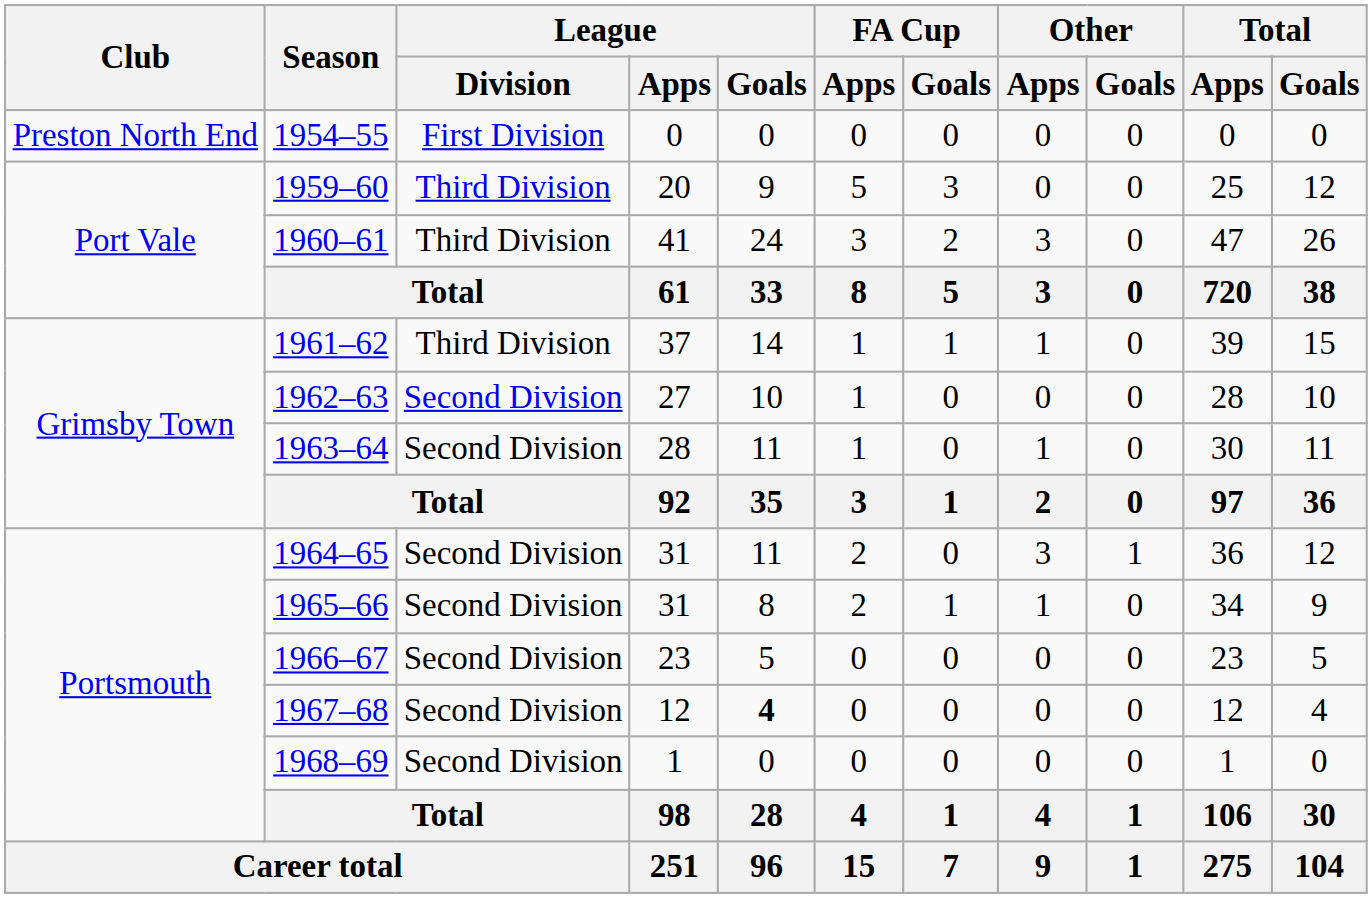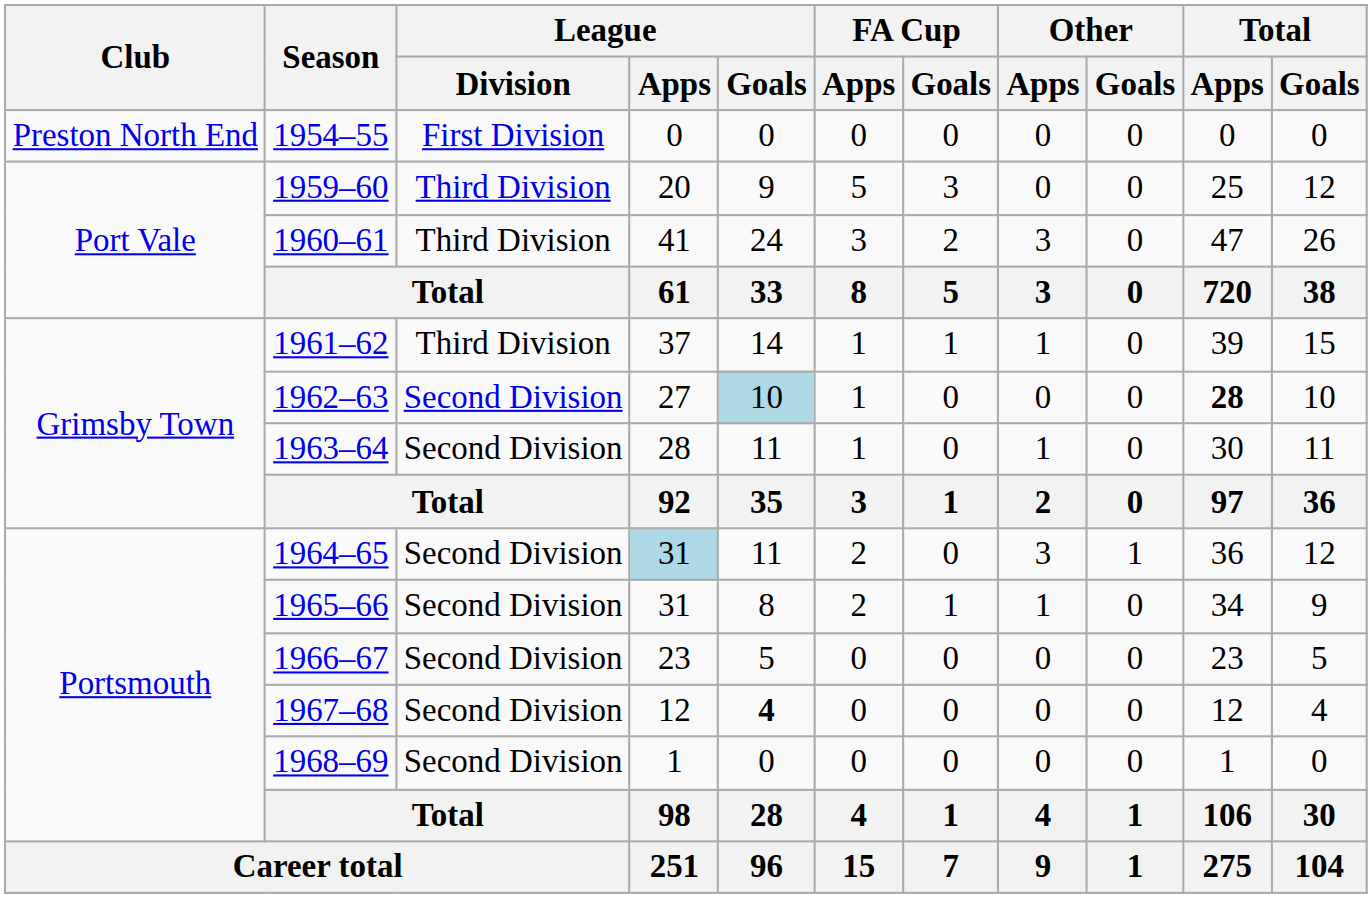 <table class="wikitable" style="text-align:center">
 <tr>
 <th rowspan="2">Club</th>
 <th rowspan="2">Season</th>
 <th colspan="3">League</th>
 <th colspan="2">FA Cup</th>
 <th colspan="2">Other</th>
 <th colspan="2">Total</th>
 </tr>
 <tr>
 <th>Division</th>
 <th>Apps</th>
 <th>Goals</th>
 <th>Apps</th>
 <th>Goals</th>
 <th>Apps</th>
 <th>Goals</th>
 <th>Apps</th>
 <th>Goals</th>
 </tr>
 <tr>
 <td><a href='#'>Preston North End</a></td>
 <td><a href='#'>1954–55</a></td>
 <td><a href='#'>First Division</a></td>
 <td>0</td>
 <td>0</td>
 <td>0</td>
 <td>0</td>
 <td>0</td>
 <td>0</td>
 <td>0</td>
 <td>0</td>
 </tr>
 <tr>
 <td rowspan="3"><a href='#'>Port Vale</a></td>
 <td><a href='#'>1959–60</a></td>
 <td><a href='#'>Third Division</a></td>
 <td>20</td>
 <td>9</td>
 <td>5</td>
 <td>3</td>
 <td>0</td>
 <td>0</td>
 <td>25</td>
 <td>12</td>
 </tr>
 <tr>
 <td><a href='#'>1960–61</a></td>
 <td>Third Division</td>
 <td>41</td>
 <td>24</td>
 <td>3</td>
 <td>2</td>
 <td>3</td>
 <td>0</td>
 <td>47</td>
 <td>26</td>
 </tr>
 <tr>
 <th colspan="2">Total</th>
 <th>61</th>
 <th>33</th>
 <th>8</th>
 <th>5</th>
 <th>3</th>
 <th>0</th>
 <th>720</th>
 <th>38</th>
 </tr>
 <tr>
 <td rowspan="4"><a href='#'>Grimsby Town</a></td>
 <td><a href='#'>1961–62</a></td>
 <td>Third Division</td>
 <td>37</td>
 <td>14</td>
 <td>1</td>
 <td>1</td>
 <td>1</td>
 <td>0</td>
 <td>39</td>
 <td>15</td>
 </tr>
 <tr>
 <td><a href='#'>1962–63</a></td>
 <td><a href='#'>Second Division</a></td>
 <td>27</td>
-<td>10</td>
+<td style="background: lightblue;">10</td>
 <td>1</td>
 <td>0</td>
 <td>0</td>
 <td>0</td>
-<td>28</td>
+<td><strong>28</strong></td>
 <td>10</td>
 </tr>
 <tr>
 <td><a href='#'>1963–64</a></td>
 <td>Second Division</td>
 <td>28</td>
 <td>11</td>
 <td>1</td>
 <td>0</td>
 <td>1</td>
 <td>0</td>
 <td>30</td>
 <td>11</td>
 </tr>
 <tr>
 <th colspan="2">Total</th>
 <th>92</th>
 <th>35</th>
 <th>3</th>
 <th>1</th>
 <th>2</th>
 <th>0</th>
 <th>97</th>
 <th>36</th>
 </tr>
 <tr>
 <td rowspan="6"><a href='#'>Portsmouth</a></td>
 <td><a href='#'>1964–65</a></td>
 <td>Second Division</td>
-<td>31</td>
+<td style="background: lightblue;">31</td>
 <td>11</td>
 <td>2</td>
 <td>0</td>
 <td>3</td>
 <td>1</td>
 <td>36</td>
 <td>12</td>
 </tr>
 <tr>
 <td><a href='#'>1965–66</a></td>
 <td>Second Division</td>
 <td>31</td>
 <td>8</td>
 <td>2</td>
 <td>1</td>
 <td>1</td>
 <td>0</td>
 <td>34</td>
 <td>9</td>
 </tr>
 <tr>
 <td><a href='#'>1966–67</a></td>
 <td>Second Division</td>
 <td>23</td>
 <td>5</td>
 <td>0</td>
 <td>0</td>
 <td>0</td>
 <td>0</td>
 <td>23</td>
 <td>5</td>
 </tr>
 <tr>
 <td><a href='#'>1967–68</a></td>
 <td>Second Division</td>
 <td>12</td>
 <td><strong>4</strong></td>
 <td>0</td>
 <td>0</td>
 <td>0</td>
 <td>0</td>
 <td>12</td>
 <td>4</td>
 </tr>
 <tr>
 <td><a href='#'>1968–69</a></td>
 <td>Second Division</td>
 <td>1</td>
 <td>0</td>
 <td>0</td>
 <td>0</td>
 <td>0</td>
 <td>0</td>
 <td>1</td>
 <td>0</td>
 </tr>
 <tr>
 <th colspan="2">Total</th>
 <th>98</th>
 <th>28</th>
 <th>4</th>
 <th>1</th>
 <th>4</th>
 <th>1</th>
 <th>106</th>
 <th>30</th>
 </tr>
 <tr>
 <th colspan="3">Career total</th>
 <th>251</th>
 <th>96</th>
 <th>15</th>
 <th>7</th>
 <th>9</th>
 <th>1</th>
 <th>275</th>
 <th>104</th>
 </tr>
 </table>
